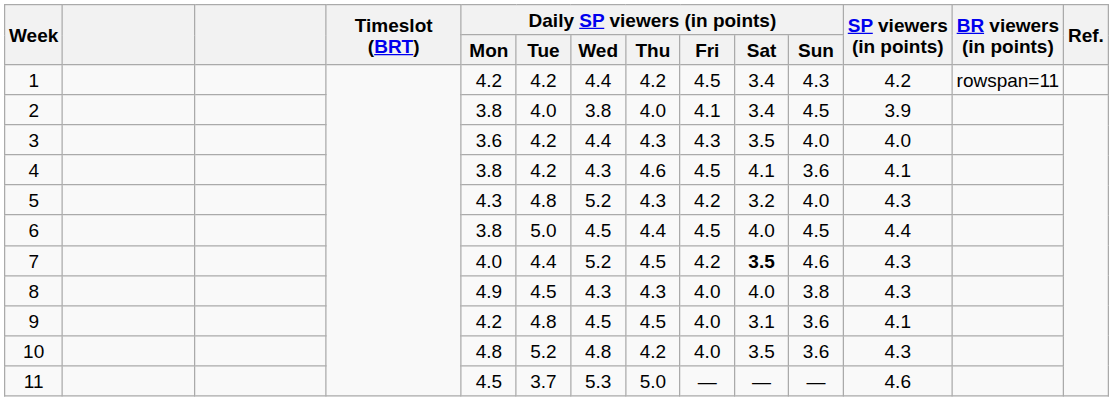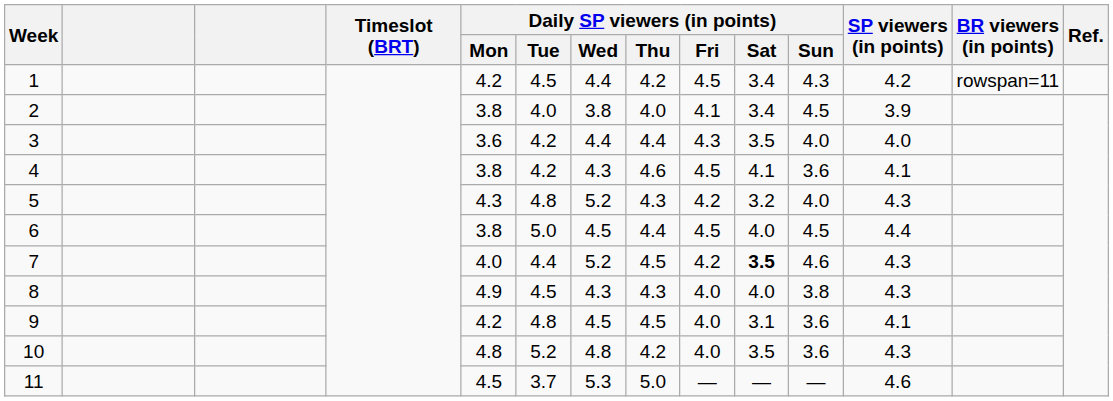 <table class="wikitable sortable" style="text-align:center; font-size:95%; width: 100%">
 <tr>
 <th rowspan=2 width="05.0%">Week</th>
 <th rowspan=2 width="12.5%"></th>
 <th rowspan=2 width="12.5%"></th>
 <th rowspan=2 width="12.5%">Timeslot (<a href='#'>BRT</a>)</th>
 <th colspan=7 width="35.0%">Daily <a href='#'>SP</a> viewers (in points)</th>
 <th rowspan=2 width="10.0%"><a href='#'>SP</a> viewers<br>(in points)</th>
 <th rowspan=2 width="10.0%"><a href='#'>BR</a> viewers<br>(in points)</th>
 <th rowspan=2 width="05.0%">Ref.</th>
 </tr>
 <tr>
 <th width="05%">Mon</th>
 <th width="05%">Tue</th>
 <th width="05%">Wed</th>
 <th width="05%">Thu</th>
 <th width="05%">Fri</th>
 <th width="05%">Sat</th>
 <th width="05%">Sun</th>
 </tr>
 <tr>
 <td>1</td>
 <td></td>
 <td></td>
 <td rowspan=11></td>
 <td>4.2</td>
-<td>4.2</td>
+<td>4.5</td>
 <td>4.4</td>
 <td>4.2</td>
 <td>4.5</td>
 <td>3.4</td>
 <td>4.3</td>
 <td>4.2</td>
 <td>rowspan=11 </td>
 <td></td>
 </tr>
 <tr>
 <td>2</td>
 <td></td>
 <td></td>
 <td>3.8</td>
 <td>4.0</td>
 <td>3.8</td>
 <td>4.0</td>
 <td>4.1</td>
 <td>3.4</td>
 <td>4.5</td>
 <td>3.9</td>
 <td></td>
 </tr>
 <tr>
 <td>3</td>
 <td></td>
 <td></td>
 <td>3.6</td>
 <td>4.2</td>
 <td>4.4</td>
-<td>4.3</td>
+<td>4.4</td>
 <td>4.3</td>
 <td>3.5</td>
 <td>4.0</td>
 <td>4.0</td>
 <td></td>
 </tr>
 <tr>
 <td>4</td>
 <td></td>
 <td></td>
 <td>3.8</td>
 <td>4.2</td>
 <td>4.3</td>
 <td>4.6</td>
 <td>4.5</td>
 <td>4.1</td>
 <td>3.6</td>
 <td>4.1</td>
 <td></td>
 </tr>
 <tr>
 <td>5</td>
 <td></td>
 <td></td>
 <td>4.3</td>
 <td>4.8</td>
 <td>5.2</td>
 <td>4.3</td>
 <td>4.2</td>
 <td>3.2</td>
 <td>4.0</td>
 <td>4.3</td>
 <td></td>
 </tr>
 <tr>
 <td>6</td>
 <td></td>
 <td></td>
 <td>3.8</td>
 <td>5.0</td>
 <td>4.5</td>
 <td>4.4</td>
 <td>4.5</td>
 <td>4.0</td>
 <td>4.5</td>
 <td>4.4</td>
 <td></td>
 </tr>
 <tr>
 <td>7</td>
 <td></td>
 <td></td>
 <td>4.0</td>
 <td>4.4</td>
 <td>5.2</td>
 <td>4.5</td>
 <td>4.2</td>
 <td><strong>3.5</strong></td>
 <td>4.6</td>
 <td>4.3</td>
 <td></td>
 </tr>
 <tr>
 <td>8</td>
 <td></td>
 <td></td>
 <td>4.9</td>
 <td>4.5</td>
 <td>4.3</td>
 <td>4.3</td>
 <td>4.0</td>
 <td>4.0</td>
 <td>3.8</td>
 <td>4.3</td>
 <td></td>
 </tr>
 <tr>
 <td>9</td>
 <td></td>
 <td></td>
 <td>4.2</td>
 <td>4.8</td>
 <td>4.5</td>
 <td>4.5</td>
 <td>4.0</td>
 <td>3.1</td>
 <td>3.6</td>
 <td>4.1</td>
 <td></td>
 </tr>
 <tr>
 <td>10</td>
 <td></td>
 <td></td>
 <td>4.8</td>
 <td>5.2</td>
 <td>4.8</td>
 <td>4.2</td>
 <td>4.0</td>
 <td>3.5</td>
 <td>3.6</td>
 <td>4.3</td>
 <td></td>
 </tr>
 <tr>
 <td>11</td>
 <td></td>
 <td></td>
 <td>4.5</td>
 <td>3.7</td>
 <td>5.3</td>
 <td>5.0</td>
 <td>—</td>
 <td>—</td>
 <td>—</td>
 <td>4.6</td>
 <td></td>
 </tr>
 </table>
